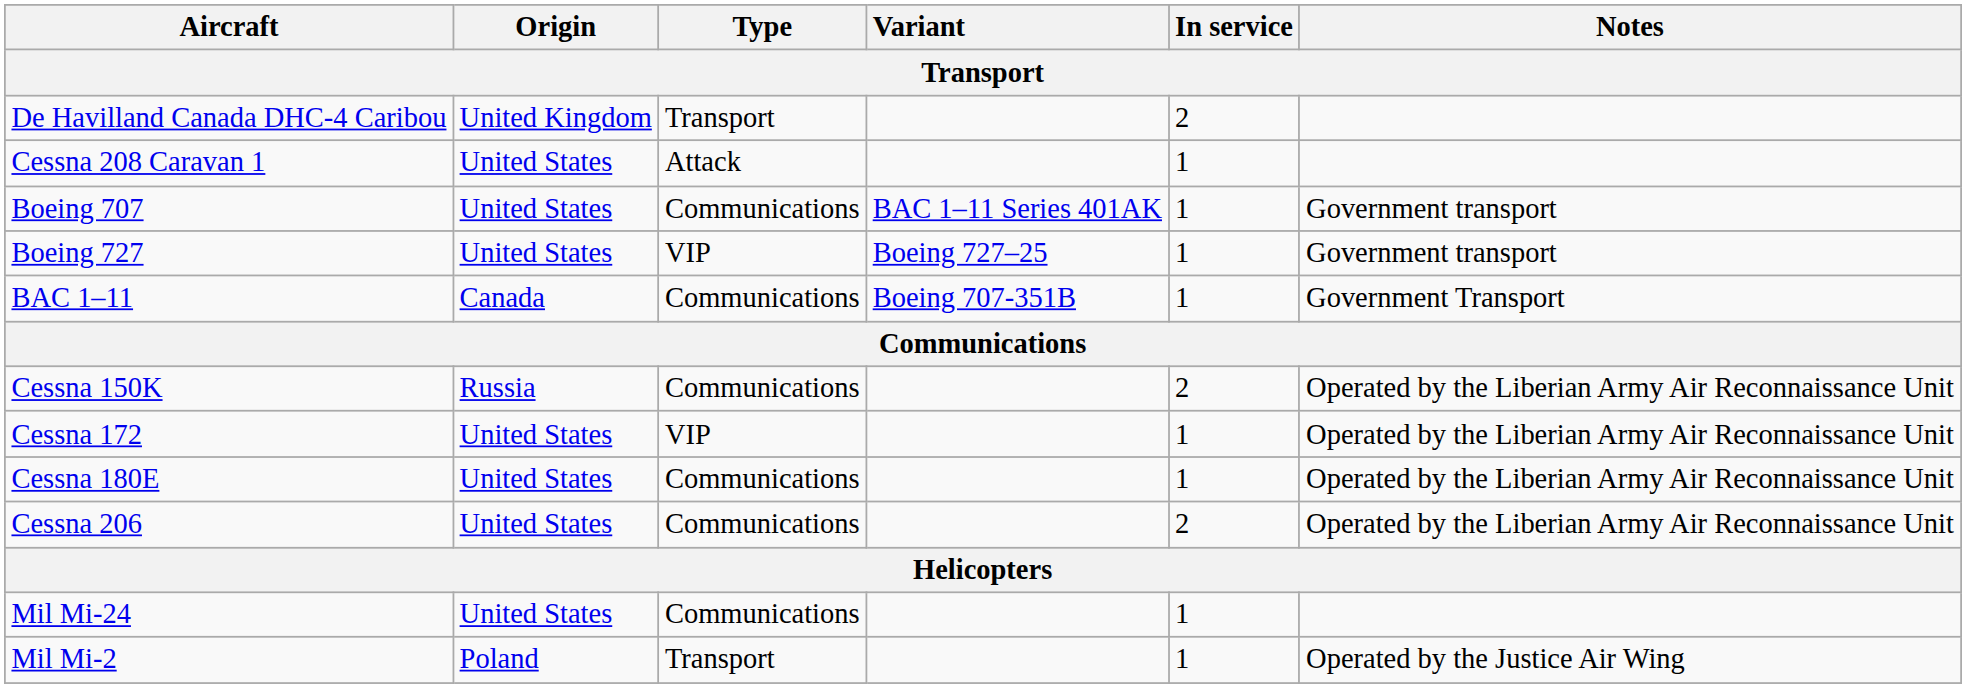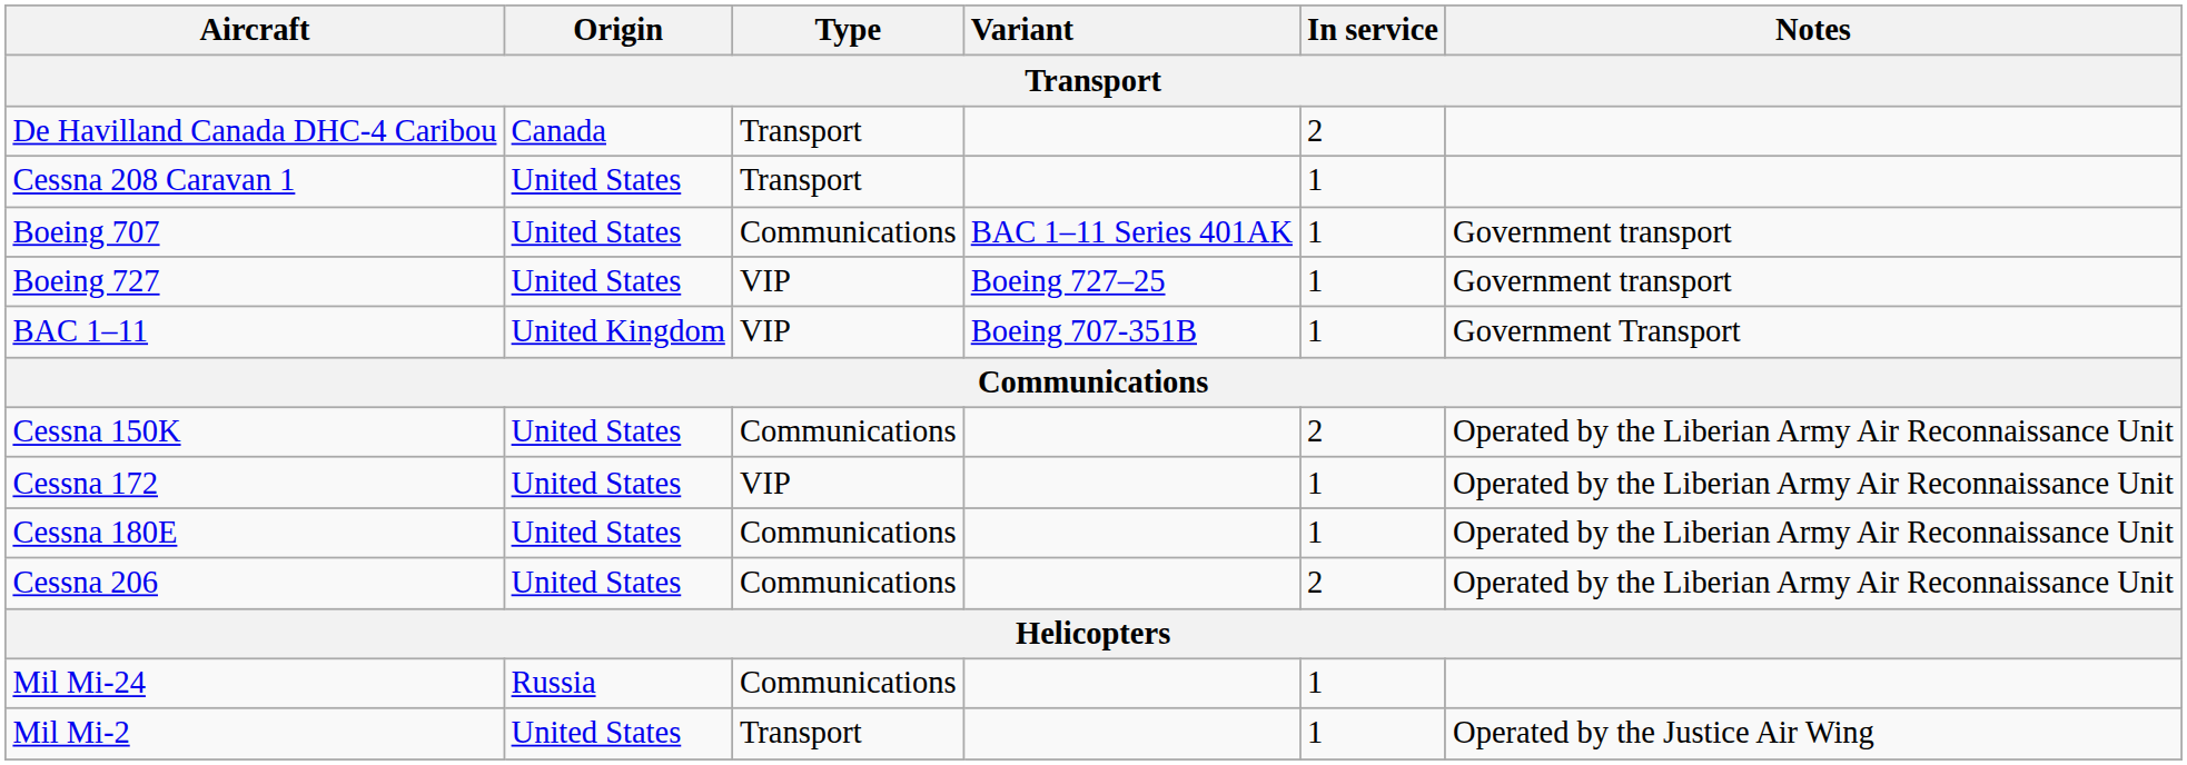 <table class="wikitable">
 <tr>
 <th style="text-align:center;">Aircraft</th>
 <th style="text-align: center;">Origin</th>
 <th style="text-align:l center;">Type</th>
 <th style="text-align:left;">Variant</th>
 <th style="text-align:center;">In service</th>
 <th style="text-align: center;">Notes</th>
 </tr>
 <tr>
 <th colspan="7" style="align: center;">Transport</th>
 </tr>
 <tr>
 <td><a href='#'>De Havilland Canada DHC-4 Caribou</a></td>
-<td><a href='#'>United Kingdom</a></td>
+<td><a href='#'>Canada</a></td>
 <td>Transport</td>
 <td></td>
 <td>2</td>
 <td></td>
 </tr>
 <tr>
 <td><a href='#'>Cessna 208 Caravan 1</a></td>
 <td><a href='#'>United States</a></td>
-<td>Attack</td>
+<td>Transport</td>
 <td></td>
 <td>1</td>
 <td></td>
 </tr>
 <tr>
 <td><a href='#'>Boeing 707</a></td>
 <td><a href='#'>United States</a></td>
 <td>Communications</td>
 <td><a href='#'>BAC 1–11 Series 401AK</a></td>
 <td>1</td>
 <td>Government transport</td>
 </tr>
 <tr>
 <td><a href='#'>Boeing 727</a></td>
 <td><a href='#'>United States</a></td>
 <td>VIP</td>
 <td><a href='#'>Boeing 727–25</a></td>
 <td>1</td>
 <td>Government transport</td>
 </tr>
 <tr>
 <td><a href='#'>BAC 1–11</a></td>
-<td><a href='#'>Canada</a></td>
-<td>Communications</td>
+<td><a href='#'>United Kingdom</a></td>
+<td>VIP</td>
 <td><a href='#'>Boeing 707-351B</a></td>
 <td>1</td>
 <td>Government Transport</td>
 </tr>
 <tr>
 <th colspan="7" style="align: center;">Communications</th>
 </tr>
 <tr>
 <td><a href='#'>Cessna 150K</a></td>
-<td><a href='#'>Russia</a></td>
+<td><a href='#'>United States</a></td>
 <td>Communications</td>
 <td></td>
 <td>2</td>
 <td>Operated by the Liberian Army Air Reconnaissance Unit</td>
 </tr>
 <tr>
 <td><a href='#'>Cessna 172</a></td>
 <td><a href='#'>United States</a></td>
 <td>VIP</td>
 <td></td>
 <td>1</td>
 <td>Operated by the Liberian Army Air Reconnaissance Unit</td>
 </tr>
 <tr>
 <td><a href='#'>Cessna 180E</a></td>
 <td><a href='#'>United States</a></td>
 <td>Communications</td>
 <td></td>
 <td>1</td>
 <td>Operated by the Liberian Army Air Reconnaissance Unit</td>
 </tr>
 <tr>
 <td><a href='#'>Cessna 206</a></td>
 <td><a href='#'>United States</a></td>
 <td>Communications</td>
 <td></td>
 <td>2</td>
 <td>Operated by the Liberian Army Air Reconnaissance Unit</td>
 </tr>
 <tr>
 <th colspan="7" style="align: center;">Helicopters</th>
 </tr>
 <tr>
 <td><a href='#'>Mil Mi-24</a></td>
-<td><a href='#'>United States</a></td>
+<td><a href='#'>Russia</a></td>
 <td>Communications</td>
 <td></td>
 <td>1</td>
 <td></td>
 </tr>
 <tr>
 <td><a href='#'>Mil Mi-2</a></td>
-<td><a href='#'>Poland</a></td>
+<td><a href='#'>United States</a></td>
 <td>Transport</td>
 <td></td>
 <td>1</td>
 <td>Operated by the Justice Air Wing</td>
 </tr>
 </table>
